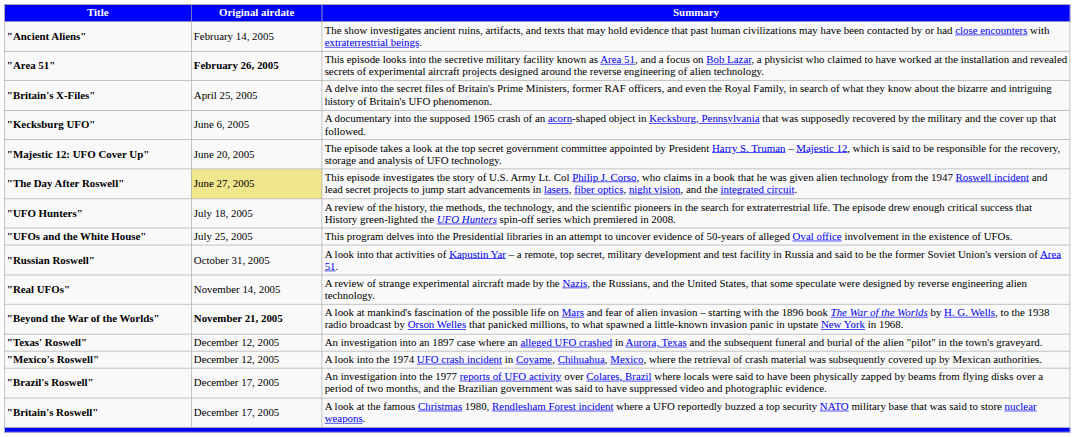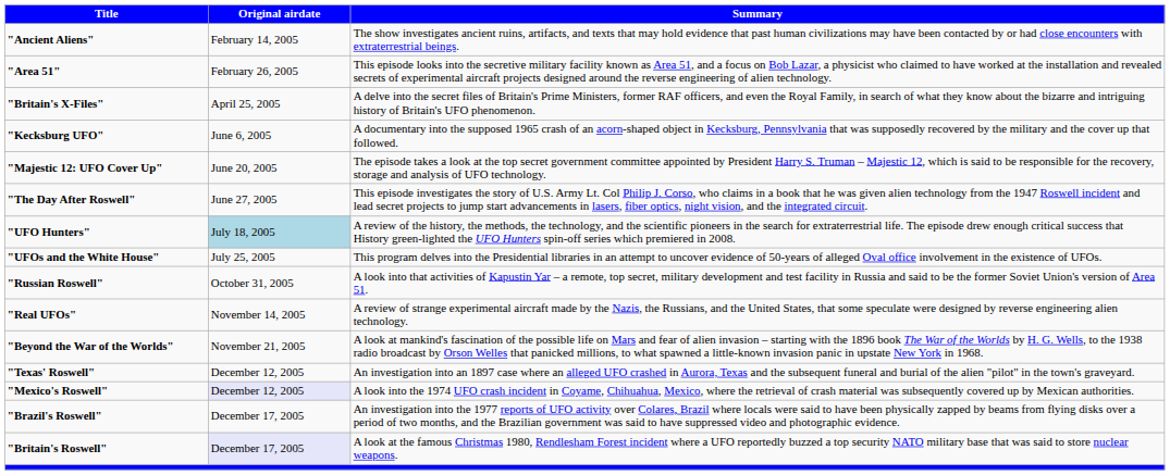 <table class="wikitable">
 <tr>
 <th style="background:#00f; color:#fff; width:10%;">Title</th>
 <th style="background:#00f; color:#fff; width:7%;">Original airdate</th>
 <th style="background:#00f; color:#fff; width:40%;">Summary</th>
 </tr>
 <tr>
 <td><strong>"Ancient Aliens"</strong></td>
 <td>February 14, 2005</td>
 <td>The show investigates ancient ruins, artifacts, and texts that may hold evidence that past human civilizations may have been contacted by or had <a href='#'>close encounters</a> with <a href='#'>extraterrestrial beings</a>.</td>
 </tr>
 <tr>
 <td><strong>"Area 51"</strong></td>
-<td><strong>February 26, 2005</strong></td>
+<td>February 26, 2005</td>
 <td>This episode looks into the secretive military facility known as <a href='#'>Area 51</a>, and a focus on <a href='#'>Bob Lazar</a>, a physicist who claimed to have worked at the installation and revealed secrets of experimental aircraft projects designed around the reverse engineering of alien technology.</td>
 </tr>
 <tr>
 <td><strong>"Britain's X-Files"</strong></td>
 <td>April 25, 2005</td>
 <td>A delve into the secret files of Britain's Prime Ministers, former RAF officers, and even the Royal Family, in search of what they know about the bizarre and intriguing history of Britain's UFO phenomenon.</td>
 </tr>
 <tr>
 <td><strong>"Kecksburg UFO"</strong></td>
 <td>June 6, 2005</td>
 <td>A documentary into the supposed 1965 crash of an <a href='#'>acorn</a>-shaped object in <a href='#'>Kecksburg, Pennsylvania</a> that was supposedly recovered by the military and the cover up that followed.</td>
 </tr>
 <tr>
 <td><strong>"Majestic 12: UFO Cover Up"</strong></td>
 <td>June 20, 2005</td>
 <td>The episode takes a look at the top secret government committee appointed by President <a href='#'>Harry S. Truman</a> – <a href='#'>Majestic 12</a>, which is said to be responsible for the recovery, storage and analysis of UFO technology.</td>
 </tr>
 <tr>
 <td><strong>"The Day After Roswell"</strong></td>
-<td style="background: khaki;">June 27, 2005</td>
+<td>June 27, 2005</td>
 <td>This episode investigates the story of U.S. Army Lt. Col <a href='#'>Philip J. Corso</a>, who claims in a book that he was given alien technology from the 1947 <a href='#'>Roswell incident</a> and lead secret projects to jump start advancements in <a href='#'>lasers</a>, <a href='#'>fiber optics</a>, <a href='#'>night vision</a>, and the <a href='#'>integrated circuit</a>.</td>
 </tr>
 <tr>
 <td><strong>"UFO Hunters"</strong></td>
-<td>July 18, 2005</td>
+<td style="background: lightblue;">July 18, 2005</td>
 <td>A review of the history, the methods, the technology, and the scientific pioneers in the search for extraterrestrial life. The episode drew enough critical success that History green-lighted the <em><a href='#'>UFO Hunters</a></em> spin-off series which premiered in 2008.</td>
 </tr>
 <tr>
 <td><strong>"UFOs and the White House"</strong></td>
 <td>July 25, 2005</td>
 <td>This program delves into the Presidential libraries in an attempt to uncover evidence of 50-years of alleged <a href='#'>Oval office</a> involvement in the existence of UFOs.</td>
 </tr>
 <tr>
 <td><strong>"Russian Roswell"</strong></td>
 <td>October 31, 2005</td>
 <td>A look into that activities of <a href='#'>Kapustin Yar</a> – a remote, top secret, military development and test facility in Russia and said to be the former Soviet Union's version of <a href='#'>Area 51</a>.</td>
 </tr>
 <tr>
 <td><strong>"Real UFOs"</strong></td>
 <td>November 14, 2005</td>
 <td>A review of strange experimental aircraft made by the <a href='#'>Nazis</a>, the Russians, and the United States, that some speculate were designed by reverse engineering alien technology.</td>
 </tr>
 <tr>
 <td><strong>"Beyond the War of the Worlds"</strong></td>
-<td><strong>November 21, 2005</strong></td>
+<td>November 21, 2005</td>
 <td>A look at mankind's fascination of the possible life on <a href='#'>Mars</a> and fear of alien invasion – starting with the 1896 book <em><a href='#'>The War of the Worlds</a></em> by <a href='#'>H. G. Wells</a>, to the 1938 radio broadcast by <a href='#'>Orson Welles</a> that panicked millions, to what spawned a little-known invasion panic in upstate <a href='#'>New York</a> in 1968.</td>
 </tr>
 <tr>
 <td><strong>"Texas' Roswell"</strong></td>
 <td>December 12, 2005</td>
 <td>An investigation into an 1897 case where an <a href='#'>alleged UFO crashed</a> in <a href='#'>Aurora, Texas</a> and the subsequent funeral and burial of the alien "pilot" in the town's graveyard.</td>
 </tr>
 <tr>
 <td><strong>"Mexico's Roswell"</strong></td>
-<td>December 12, 2005</td>
+<td style="background: lavender;">December 12, 2005</td>
 <td>A look into the 1974 <a href='#'>UFO crash incident</a> in <a href='#'>Coyame</a>, <a href='#'>Chihuahua</a>, <a href='#'>Mexico</a>, where the retrieval of crash material was subsequently covered up by Mexican authorities.</td>
 </tr>
 <tr>
 <td><strong>"Brazil's Roswell"</strong></td>
 <td>December 17, 2005</td>
 <td>An investigation into the 1977 <a href='#'>reports of UFO activity</a> over <a href='#'>Colares, Brazil</a> where locals were said to have been physically zapped by beams from flying disks over a period of two months, and the Brazilian government was said to have suppressed video and photographic evidence.</td>
 </tr>
 <tr>
 <td><strong>"Britain's Roswell"</strong></td>
-<td>December 17, 2005</td>
+<td style="background: lavender;">December 17, 2005</td>
 <td>A look at the famous <a href='#'>Christmas</a> 1980, <a href='#'>Rendlesham Forest incident</a> where a UFO reportedly buzzed a top security <a href='#'>NATO</a> military base that was said to store <a href='#'>nuclear weapons</a>.</td>
 </tr>
 <tr>
 <td style="background:#00f;" colspan="5"></td>
 </tr>
 </table>
